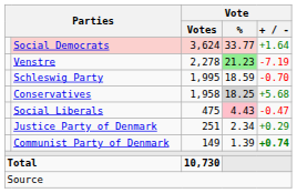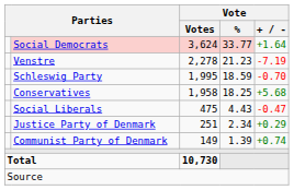 <table class="wikitable" style="text-align:right;">
 <tr>
 <th style="text-align:centre;" rowspan="2" colspan="2" width="225">Parties</th>
 <th colspan="3">Vote</th>
 </tr>
 <tr>
 <th width="15">Votes</th>
 <th width="15">%</th>
 <th width="15">+ / -</th>
 </tr>
 <tr>
 <td width="2" style="color:inherit;background:"></td>
 <td bgcolor=#fbd0ce  align="left"><a href='#'>Social Democrats</a></td>
 <td bgcolor=#fbd0ce>3,624</td>
 <td bgcolor=#fbd0ce>33.77</td>
 <td style=color:green;>+1.64</td>
 </tr>
 <tr>
 <td width="2" style="color:inherit;background:"></td>
 <td align="left"><a href='#'>Venstre</a></td>
 <td>2,278</td>
-<td style="background: lightgreen;">21.23</td>
+<td>21.23</td>
 <td style=color:red;>-7.19</td>
 </tr>
 <tr>
 <td width="2" style="color:inherit;background:"></td>
 <td align="left"><a href='#'>Schleswig Party</a></td>
 <td>1,995</td>
 <td>18.59</td>
 <td style=color:red;>-0.70</td>
 </tr>
 <tr>
 <td width="2" style="color:inherit;background:"></td>
 <td align="left"><a href='#'>Conservatives</a></td>
 <td>1,958</td>
-<td style="background: lightgrey;">18.25</td>
+<td>18.25</td>
 <td style=color:green;>+5.68</td>
 </tr>
 <tr>
 <td width="2" style="color:inherit;background:"></td>
 <td align="left"><a href='#'>Social Liberals</a></td>
 <td>475</td>
-<td style="background: pink;">4.43</td>
+<td>4.43</td>
 <td style=color:red;>-0.47</td>
 </tr>
 <tr>
 <td width="2" style="color:inherit;background:"></td>
 <td align="left"><a href='#'>Justice Party of Denmark</a></td>
 <td>251</td>
 <td>2.34</td>
 <td style=color:green;>+0.29</td>
 </tr>
 <tr>
 <td width="2" style="color:inherit;background:"></td>
 <td align="left"><a href='#'>Communist Party of Denmark</a></td>
 <td>149</td>
 <td>1.39</td>
-<td style=color:green;><strong>+0.74</strong></td>
+<td style=color:green;>+0.74</td>
 </tr>
 <tr>
 <td colspan="7" bgcolor="#E9E9E9"></td>
 </tr>
 <tr>
 <td align="left" colspan="2"><strong>Total</strong></td>
 <td><strong>10,730</strong></td>
 <td bgcolor="#E9E9E9" colspan="2"></td>
 </tr>
 <tr>
 <td align="left" colspan="6">Source</td>
 </tr>
 </table>
